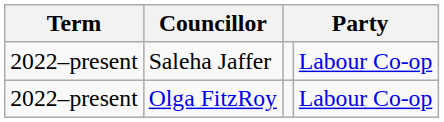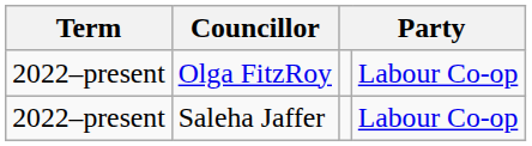 <table class="wikitable">
 <tr>
 <th>Term</th>
 <th>Councillor</th>
 <th colspan="2">Party</th>
 </tr>
 <tr>
 <td>2022–present</td>
-<td>Saleha Jaffer</td>
+<td><a href='#'>Olga FitzRoy</a></td>
 <td rowspan="1;" style="background-color: "></td>
 <td rowspan="1"><a href='#'>Labour Co-op</a></td>
 </tr>
 <tr>
 <td>2022–present</td>
-<td><a href='#'>Olga FitzRoy</a></td>
+<td>Saleha Jaffer</td>
 <td rowspan="1;" style="background-color: "></td>
 <td rowspan="1"><a href='#'>Labour Co-op</a></td>
 </tr>
 </table>
